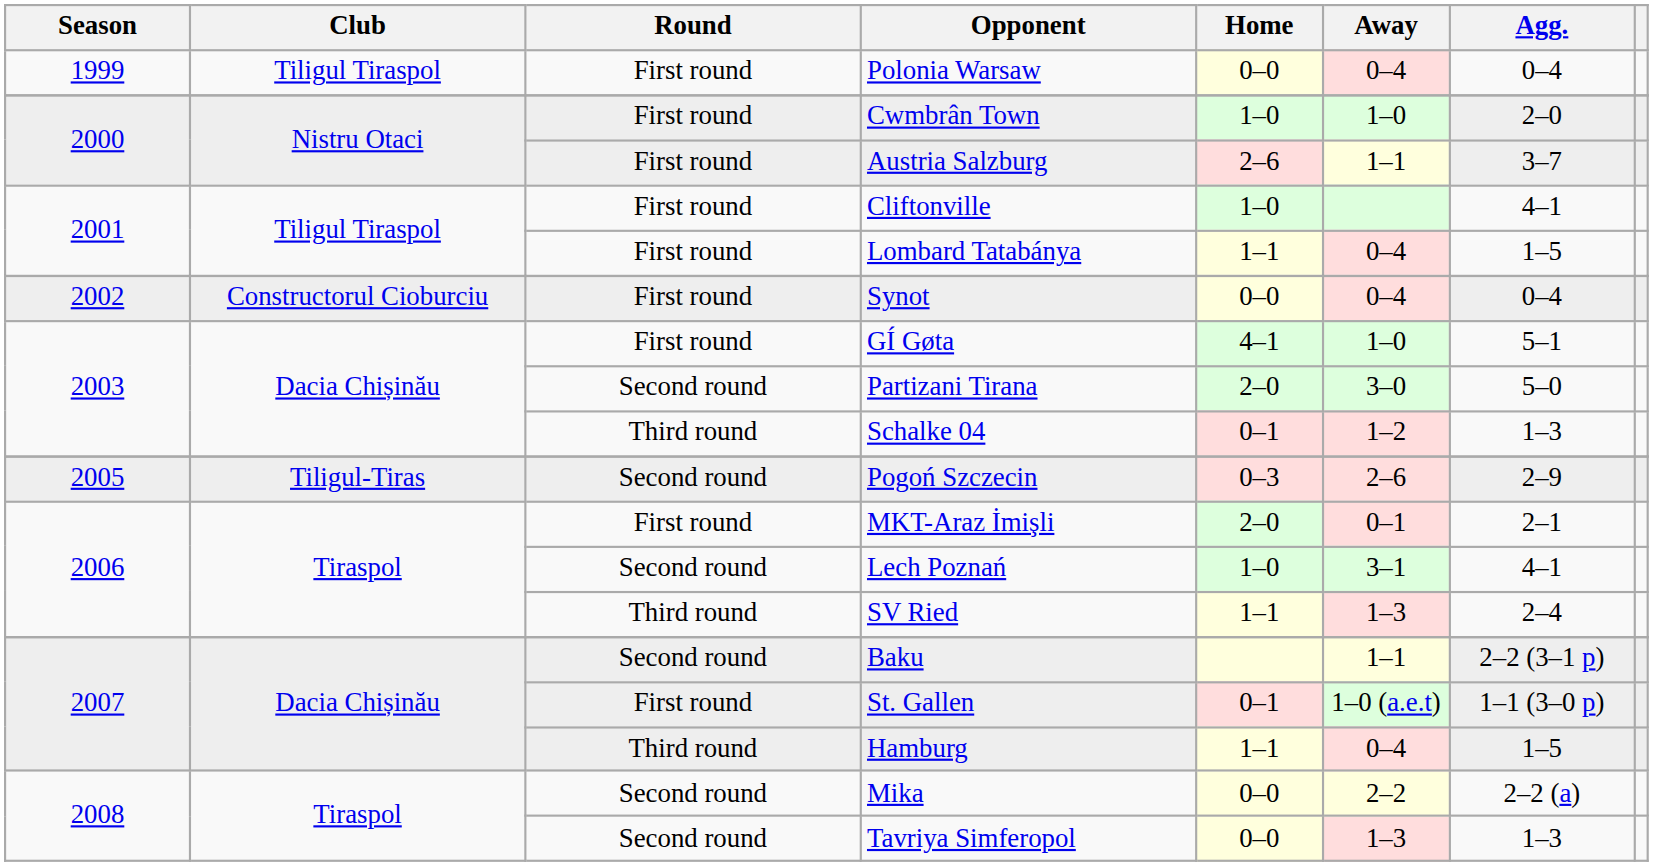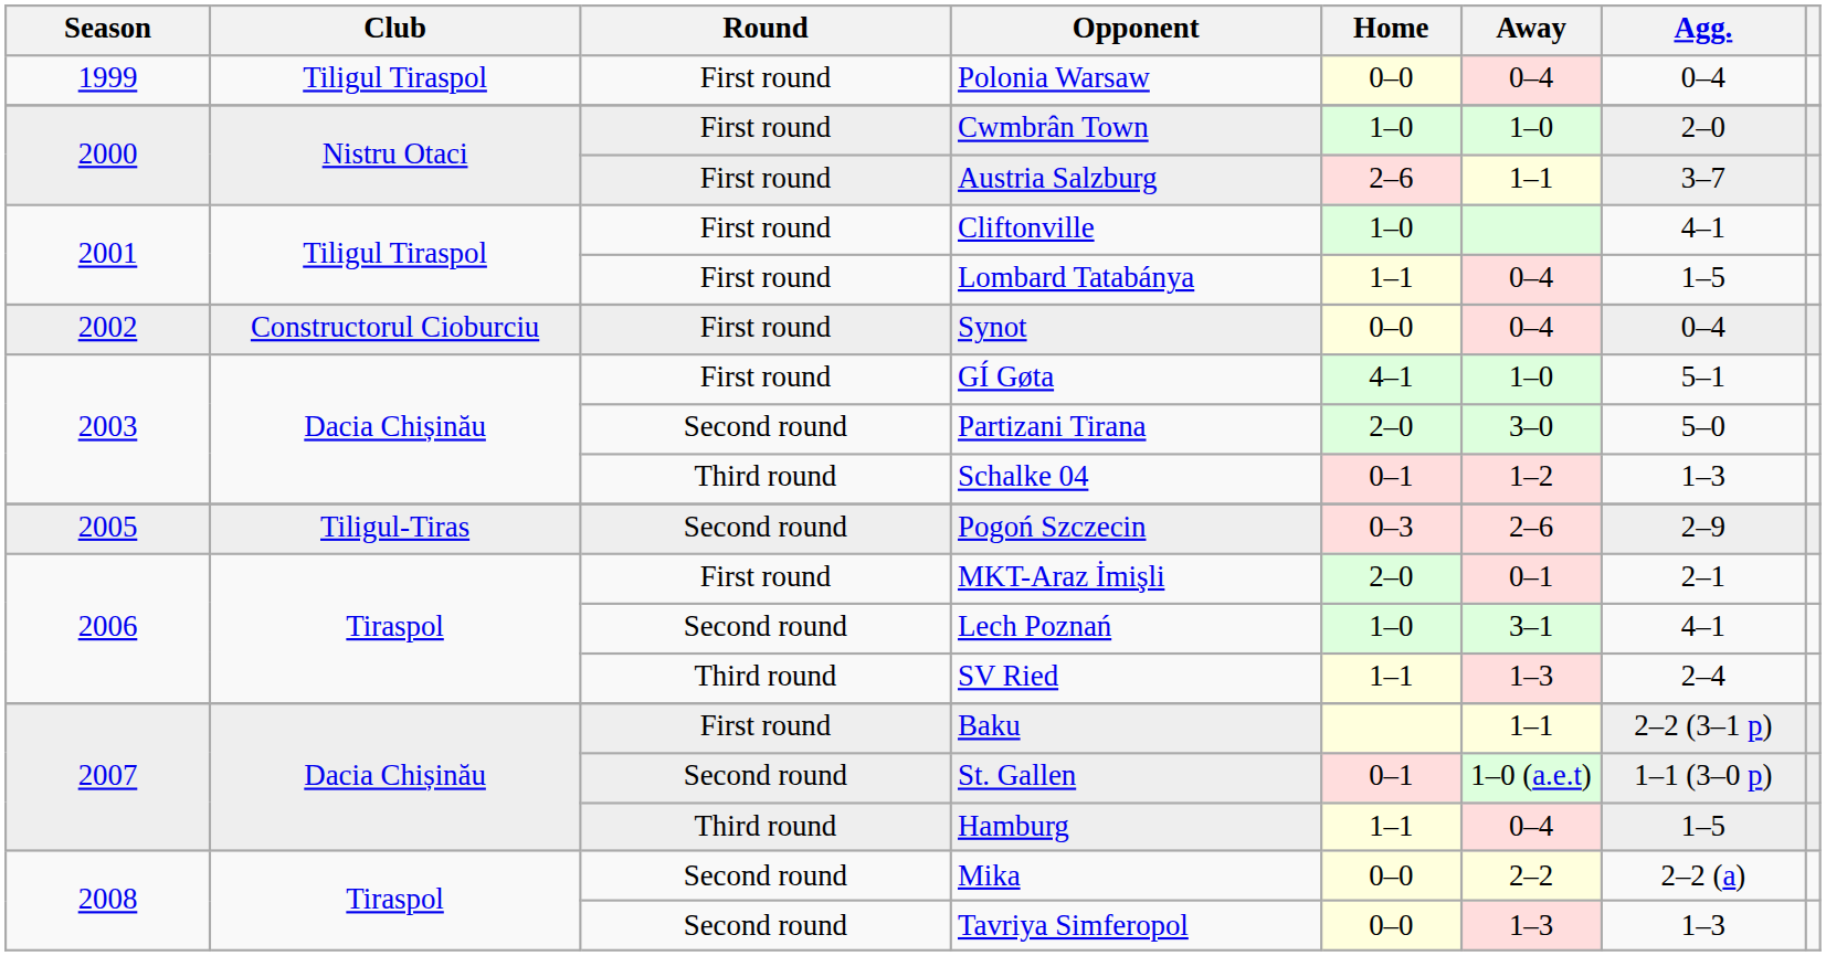 <table class="wikitable" style="font-size:78%; text-align: center;">
 <tr>
 <th width="80">Season</th>
 <th width="150">Club</th>
 <th width="150">Round</th>
 <th width="150">Opponent</th>
 <th width="53">Home</th>
 <th width="53">Away</th>
 <th width="80"><a href='#'>Agg.</a></th>
 <th></th>
 </tr>
 <tr>
 <td><a href='#'>1999</a></td>
 <td><a href='#'>Tiligul Tiraspol</a></td>
 <td>First round</td>
 <td align="left"> <a href='#'>Polonia Warsaw</a></td>
 <td bgcolor="#ffffdd">0–0</td>
 <td bgcolor="#ffdddd">0–4</td>
 <td>0–4</td>
 <td></td>
 </tr>
 <tr>
 </tr>
 <tr bgcolor=#EEEEEE>
 <td rowspan=2><a href='#'>2000</a></td>
 <td rowspan=2><a href='#'>Nistru Otaci</a></td>
 <td>First round</td>
 <td align="left"> <a href='#'>Cwmbrân Town</a></td>
 <td bgcolor="#ddffdd">1–0</td>
 <td bgcolor="#ddffdd">1–0</td>
 <td>2–0</td>
 <td></td>
 </tr>
 <tr bgcolor=#EEEEEE>
 <td>First round</td>
 <td align="left"> <a href='#'>Austria Salzburg</a></td>
 <td bgcolor="#ffdddd">2–6</td>
 <td bgcolor="#ffffdd">1–1</td>
 <td>3–7</td>
 <td></td>
 </tr>
 <tr>
 <td rowspan=2><a href='#'>2001</a></td>
 <td rowspan=2><a href='#'>Tiligul Tiraspol</a></td>
 <td>First round</td>
 <td align="left"> <a href='#'>Cliftonville</a></td>
 <td bgcolor="#ddffdd">1–0</td>
 <td bgcolor="#ddffdd"></td>
 <td>4–1</td>
 <td></td>
 </tr>
 <tr>
 <td>First round</td>
 <td align="left"> <a href='#'>Lombard Tatabánya</a></td>
 <td bgcolor="#ffffdd">1–1</td>
 <td bgcolor="#ffdddd">0–4</td>
 <td>1–5</td>
 <td></td>
 </tr>
 <tr>
 </tr>
 <tr bgcolor=#EEEEEE>
 <td><a href='#'>2002</a></td>
 <td><a href='#'>Constructorul Cioburciu</a></td>
 <td>First round</td>
 <td align="left"> <a href='#'>Synot</a></td>
 <td bgcolor="#ffffdd">0–0</td>
 <td bgcolor="#ffdddd">0–4</td>
 <td>0–4</td>
 <td></td>
 </tr>
 <tr>
 <td rowspan=3><a href='#'>2003</a></td>
 <td rowspan=3><a href='#'>Dacia Chișinău</a></td>
 <td>First round</td>
 <td align="left"> <a href='#'>GÍ Gøta</a></td>
 <td bgcolor="#ddffdd">4–1</td>
 <td bgcolor="#ddffdd">1–0</td>
 <td>5–1</td>
 <td></td>
 </tr>
 <tr>
 <td>Second round</td>
 <td align="left"> <a href='#'>Partizani Tirana</a></td>
 <td bgcolor="#ddffdd">2–0</td>
 <td bgcolor="#ddffdd">3–0</td>
 <td>5–0</td>
 <td></td>
 </tr>
 <tr>
 <td>Third round</td>
 <td align="left"> <a href='#'>Schalke 04</a></td>
 <td bgcolor="#ffdddd">0–1</td>
 <td bgcolor="#ffdddd">1–2</td>
 <td>1–3</td>
 <td></td>
 </tr>
 <tr>
 </tr>
 <tr bgcolor=#EEEEEE>
 <td><a href='#'>2005</a></td>
 <td><a href='#'>Tiligul-Tiras</a></td>
 <td>Second round</td>
 <td align="left"> <a href='#'>Pogoń Szczecin</a></td>
 <td bgcolor="#ffdddd">0–3</td>
 <td bgcolor="#ffdddd">2–6</td>
 <td>2–9</td>
 <td></td>
 </tr>
 <tr>
 <td rowspan=3><a href='#'>2006</a></td>
 <td rowspan=3><a href='#'>Tiraspol</a></td>
 <td>First round</td>
 <td align="left"> <a href='#'>MKT-Araz İmişli</a></td>
 <td bgcolor="#ddffdd">2–0</td>
 <td bgcolor="#ffdddd">0–1</td>
 <td>2–1</td>
 <td></td>
 </tr>
 <tr>
 <td>Second round</td>
 <td align="left"> <a href='#'>Lech Poznań</a></td>
 <td bgcolor="#ddffdd">1–0</td>
 <td bgcolor="#ddffdd">3–1</td>
 <td>4–1</td>
 <td></td>
 </tr>
 <tr>
 <td>Third round</td>
 <td align="left"> <a href='#'>SV Ried</a></td>
 <td bgcolor="#ffffdd">1–1</td>
 <td bgcolor="#ffdddd">1–3</td>
 <td>2–4</td>
 <td></td>
 </tr>
 <tr>
 </tr>
 <tr bgcolor=#EEEEEE>
 <td rowspan=3><a href='#'>2007</a></td>
 <td rowspan=3><a href='#'>Dacia Chișinău</a></td>
-<td>Second round</td>
+<td>First round</td>
 <td align="left"> <a href='#'>Baku</a></td>
 <td bgcolor="#ffffdd"></td>
 <td bgcolor="#ffffdd">1–1</td>
 <td>2–2 (3–1 <a href='#'>p</a>)</td>
 <td></td>
 </tr>
 <tr bgcolor=#EEEEEE>
-<td>First round</td>
+<td>Second round</td>
 <td align="left"> <a href='#'>St. Gallen</a></td>
 <td bgcolor="#ffdddd">0–1</td>
 <td bgcolor="#ddffdd">1–0 (<a href='#'>a.e.t</a>)</td>
 <td>1–1 (3–0 <a href='#'>p</a>)</td>
 <td></td>
 </tr>
 <tr bgcolor=#EEEEEE>
 <td>Third round</td>
 <td align="left"> <a href='#'>Hamburg</a></td>
 <td bgcolor="#ffffdd">1–1</td>
 <td bgcolor="#ffdddd">0–4</td>
 <td>1–5</td>
 <td></td>
 </tr>
 <tr>
 <td rowspan=2><a href='#'>2008</a></td>
 <td rowspan=2><a href='#'>Tiraspol</a></td>
 <td>Second round</td>
 <td align="left"> <a href='#'>Mika</a></td>
 <td bgcolor="#ffffdd">0–0</td>
 <td bgcolor="#ffffdd">2–2</td>
 <td>2–2 (<a href='#'>a</a>)</td>
 <td></td>
 </tr>
 <tr>
 <td>Second round</td>
 <td align="left"> <a href='#'>Tavriya Simferopol</a></td>
 <td bgcolor="#ffffdd">0–0</td>
 <td bgcolor="#ffdddd">1–3</td>
 <td>1–3</td>
 <td></td>
 </tr>
 </table>
